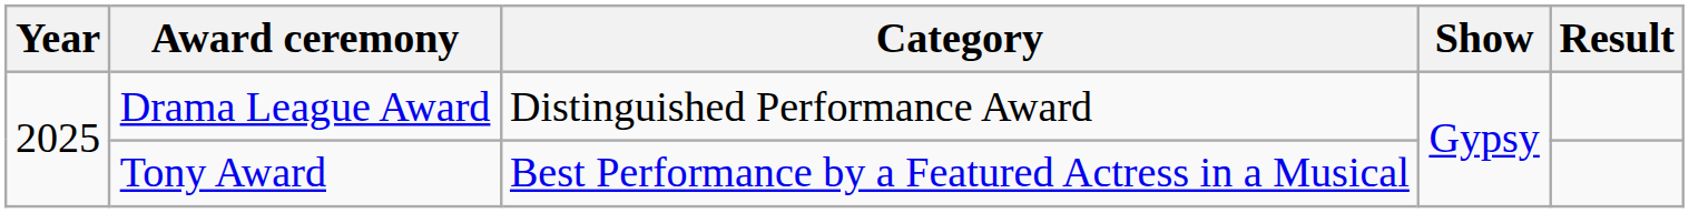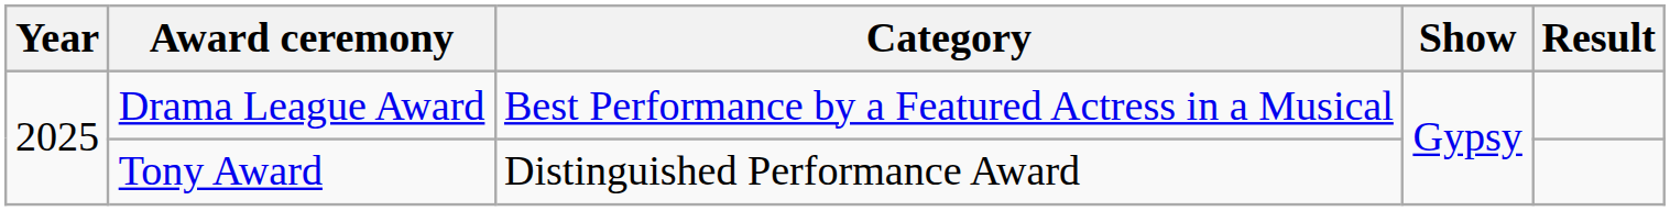 <table class="wikitable">
 <tr>
 <th>Year</th>
 <th>Award ceremony</th>
 <th>Category</th>
 <th>Show</th>
 <th>Result</th>
 </tr>
 <tr>
 <td rowspan="2">2025</td>
 <td><a href='#'>Drama League Award</a></td>
-<td>Distinguished Performance Award</td>
+<td><a href='#'>Best Performance by a Featured Actress in a Musical</a></td>
 <td rowspan="2"><em><a href='#'></em>Gypsy<em></a></em></td>
 <td></td>
 </tr>
 <tr>
 <td><a href='#'>Tony Award</a></td>
-<td><a href='#'>Best Performance by a Featured Actress in a Musical</a></td>
+<td>Distinguished Performance Award</td>
 <td></td>
 </tr>
 </table>
